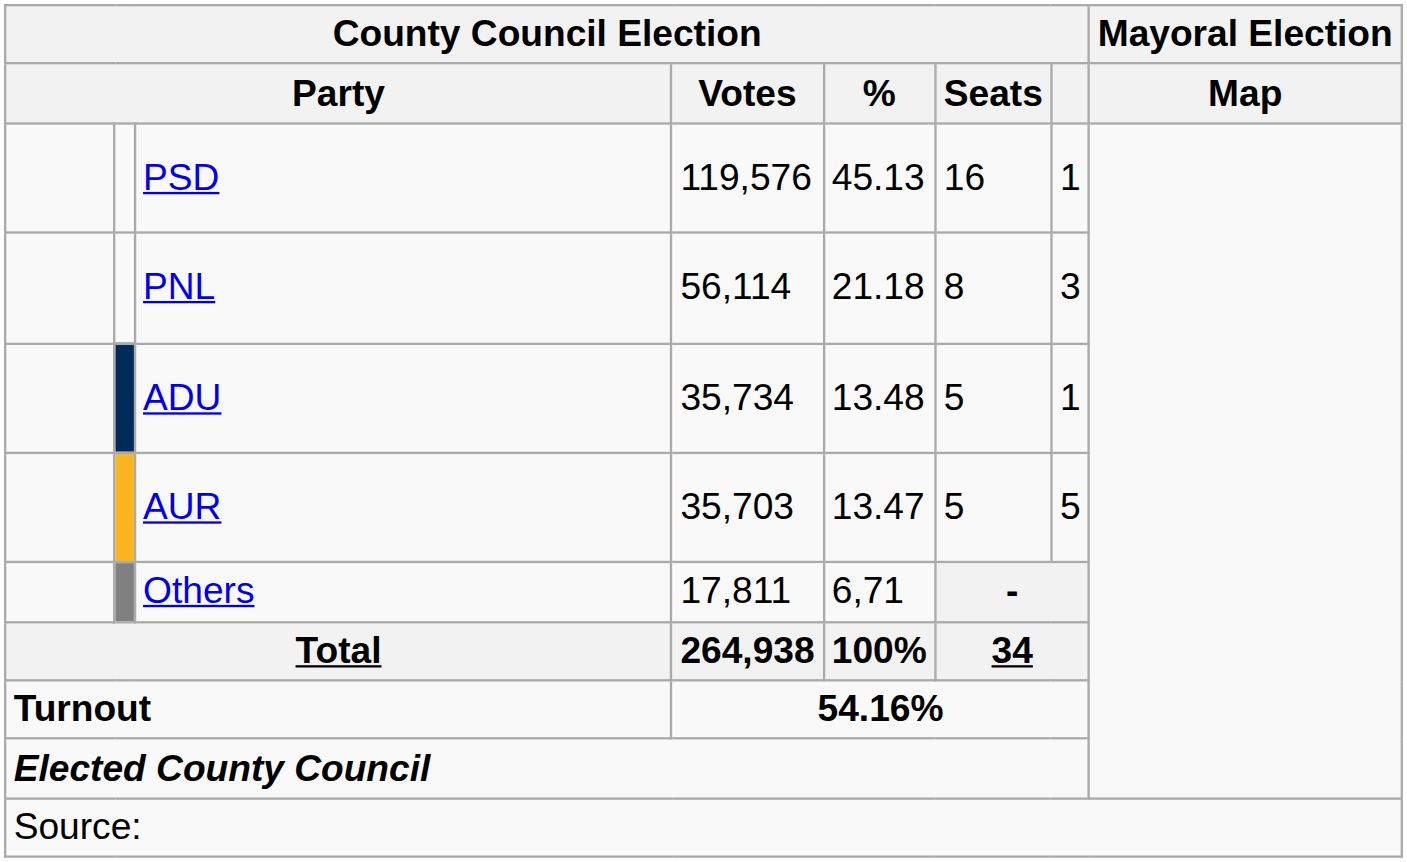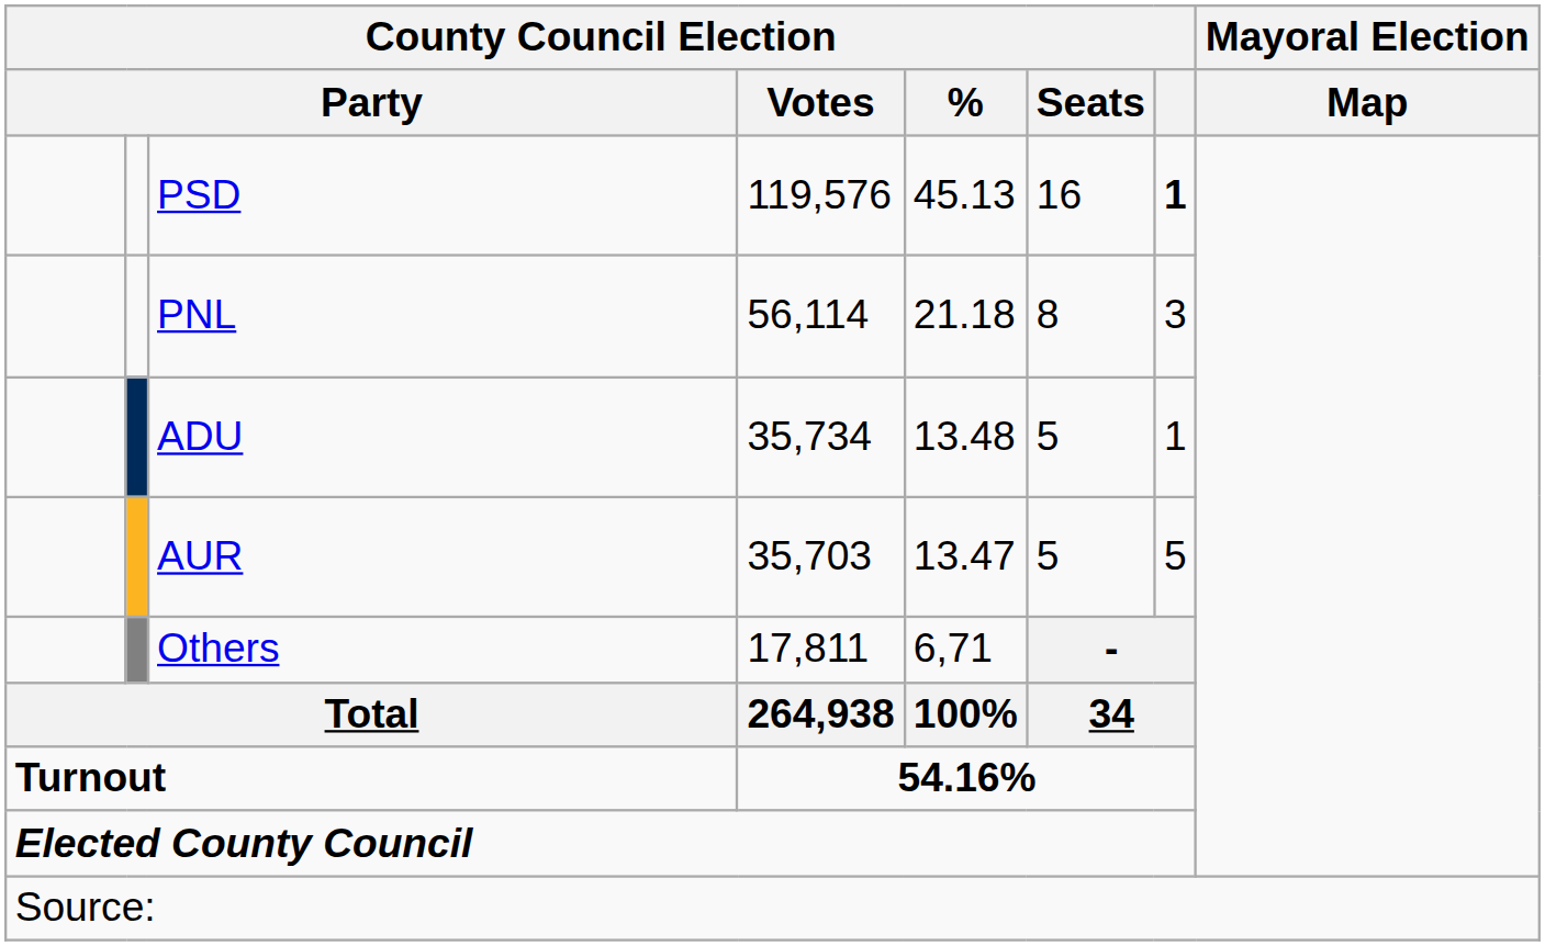 <table class="wikitable" style="text-align:left">
 <tr>
 <th colspan="7">County Council Election</th>
 <th>Mayoral Election</th>
 </tr>
 <tr>
 <th colspan="3" width="280">Party</th>
 <th>Votes</th>
 <th>%</th>
 <th>Seats</th>
 <th></th>
 <th>Map</th>
 </tr>
 <tr>
 <td width="40" height="40"></td>
 <td width="1" style="color:inherit;background:"></td>
 <td align="left"><a href='#'>PSD</a></td>
 <td>119,576</td>
 <td>45.13</td>
 <td>16</td>
-<td>1</td>
+<td><strong>1</strong></td>
 <td rowspan="8"></td>
 </tr>
 <tr>
 <td height="40"></td>
 <td style="color:inherit;background:"></td>
 <td align="left"><a href='#'>PNL</a></td>
 <td>56,114</td>
 <td>21.18</td>
 <td>8</td>
 <td>3</td>
 </tr>
 <tr>
 <td height="40"></td>
 <td style="background:#002A59;"></td>
 <td align="left"><a href='#'>ADU</a></td>
 <td>35,734</td>
 <td>13.48</td>
 <td>5</td>
 <td>1</td>
 </tr>
 <tr>
 <td height="40"></td>
 <td style="background:#FCB521;"></td>
 <td align="left"><a href='#'>AUR</a></td>
 <td>35,703</td>
 <td>13.47</td>
 <td>5</td>
 <td>5</td>
 </tr>
 <tr>
 <td></td>
 <td style="background-color:Grey "></td>
 <td align="left"><a href='#'>Others</a></td>
 <td>17,811</td>
 <td>6,71</td>
 <th colspan="2">-</th>
 </tr>
 <tr>
 <th colspan="3"><strong><u>Total</u></strong></th>
 <th style="text-align: left">264,938</th>
 <th style="text-align: left">100%</th>
 <th colspan="2"><strong><u>34</u></strong></th>
 </tr>
 <tr>
 <td colspan="3"><strong>Turnout</strong></td>
 <td colspan="4" style="text-align: center"><strong>54.16%</strong></td>
 </tr>
 <tr>
 <td colspan="7"><strong><em>Elected County Council</em></strong></td>
 </tr>
 <tr>
 <td colspan="8">Source: </td>
 </tr>
 </table>
